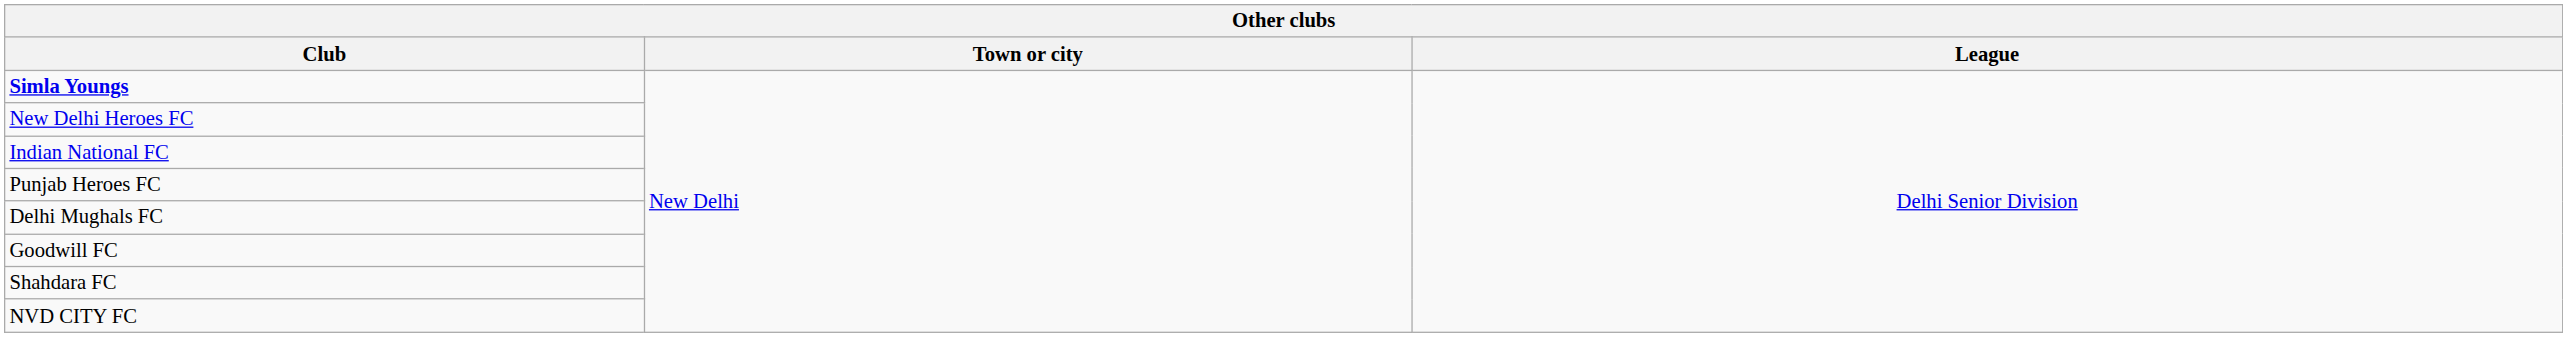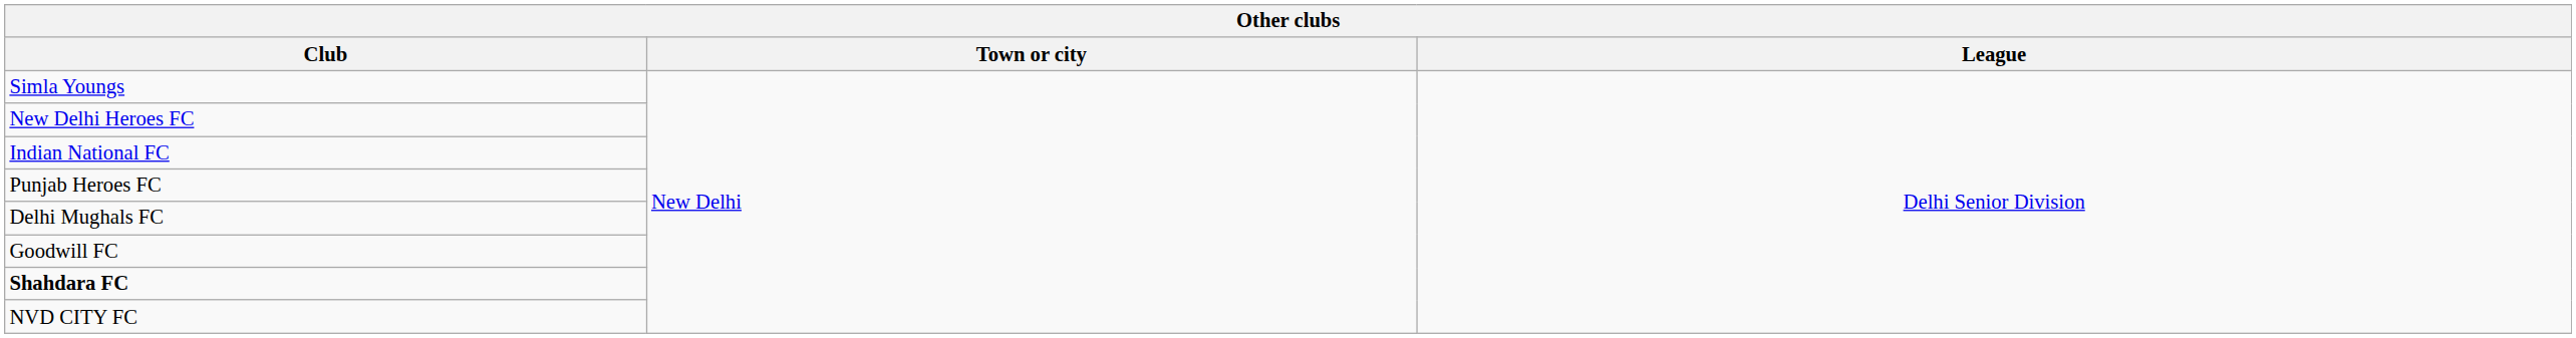 <table class="wikitable sortable" width="100%">
 <tr>
 <th colspan="3">Other clubs</th>
 </tr>
 <tr>
 <th !width="25%">Club</th>
 <th width="30%">Town or city</th>
 <th width="45%">League</th>
 </tr>
 <tr>
-<td><strong><a href='#'>Simla Youngs</a></strong></td>
+<td><a href='#'>Simla Youngs</a></td>
 <td rowspan="8"><a href='#'>New Delhi</a></td>
 <td rowspan="8" align="center"><a href='#'>Delhi Senior Division</a></td>
 </tr>
 <tr>
 <td><a href='#'>New Delhi Heroes FC</a></td>
 </tr>
 <tr>
 <td><a href='#'>Indian National FC</a></td>
 </tr>
 <tr>
 <td>Punjab Heroes FC</td>
 </tr>
 <tr>
 <td>Delhi Mughals FC</td>
 </tr>
 <tr>
 <td>Goodwill FC</td>
 </tr>
 <tr>
-<td>Shahdara FC</td>
+<td><strong>Shahdara FC</strong></td>
 </tr>
 <tr>
 <td>NVD CITY FC</td>
 </tr>
 </table>
